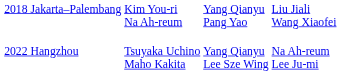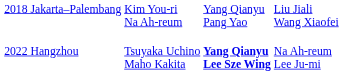 <table>
 <tr>
 <td><a href='#'>2018 Jakarta–Palembang</a></td>
 <td><br><a href='#'>Kim You-ri</a><br><a href='#'>Na Ah-reum</a></td>
 <td><br><a href='#'>Yang Qianyu</a><br><a href='#'>Pang Yao</a></td>
 <td><br><a href='#'>Liu Jiali</a><br><a href='#'>Wang Xiaofei</a></td>
 </tr>
 <tr>
 <td><a href='#'>2022 Hangzhou</a></td>
 <td><br><a href='#'>Tsuyaka Uchino</a><br><a href='#'>Maho Kakita</a></td>
-<td><br><a href='#'>Yang Qianyu</a><br><a href='#'>Lee Sze Wing</a></td>
+<td><strong><br><a href='#'>Yang Qianyu</a><br><a href='#'>Lee Sze Wing</a></strong></td>
 <td><br><a href='#'>Na Ah-reum</a><br><a href='#'>Lee Ju-mi</a></td>
 </tr>
 </table>
